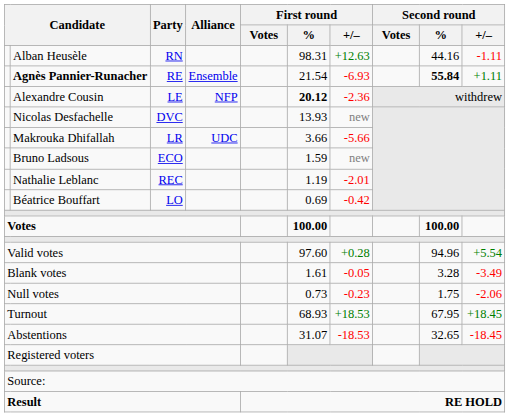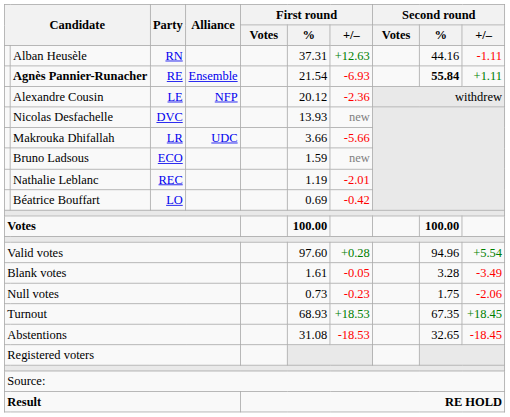 <table class="wikitable" style="text-align:right;font-size:95%;">
 <tr>
 <th rowspan="2" colspan="2">Candidate</th>
 <th colspan="1" rowspan="2">Party</th>
 <th colspan="1" rowspan="2">Alliance</th>
 <th colspan="3">First round</th>
 <th colspan="3">Second round</th>
 </tr>
 <tr>
 <th style="width:50px;">Votes</th>
 <th style="width:45px;">%</th>
 <th style="width:45px;">+/–</th>
 <th style="width:50px;">Votes</th>
 <th style="width:45px;">%</th>
 <th style="width:45px;">+/–</th>
 </tr>
 <tr>
 <td style="background:"></td>
 <td style="text-align:left;">Alban Heusèle</td>
 <td><a href='#'>RN</a></td>
 <td></td>
 <td></td>
-<td>98.31</td>
+<td>37.31</td>
 <td style="color:green;">+12.63</td>
 <td></td>
 <td>44.16</td>
 <td style="color:red;">-1.11</td>
 </tr>
 <tr>
 <td style="background:"></td>
 <td style="text-align:left;"><strong>Agnès Pannier-Runacher</strong></td>
 <td><a href='#'>RE</a></td>
 <td><a href='#'>Ensemble</a></td>
 <td></td>
 <td>21.54</td>
 <td style="color:red;">-6.93</td>
 <td><strong></strong></td>
 <td><strong>55.84</strong></td>
 <td style="color:green;">+1.11</td>
 </tr>
 <tr>
 <td style="background:"></td>
 <td style="text-align:left;">Alexandre Cousin</td>
 <td><a href='#'>LE</a></td>
 <td><a href='#'>NFP</a></td>
 <td></td>
-<td><strong>20.12</strong></td>
+<td>20.12</td>
 <td style="color:red;">-2.36</td>
 <td colspan="3" style="background:#E9E9E9;">withdrew</td>
 </tr>
 <tr>
 <td style="background:"></td>
 <td style="text-align:left;">Nicolas Desfachelle</td>
 <td><a href='#'>DVC</a></td>
 <td></td>
 <td></td>
 <td>13.93</td>
 <td style="color:grey;">new</td>
 <td colspan="3" rowspan="5" style="background:#E9E9E9;"></td>
 </tr>
 <tr>
 <td style="background:"></td>
 <td style="text-align:left;">Makrouka Dhifallah</td>
 <td><a href='#'>LR</a></td>
 <td><a href='#'>UDC</a></td>
 <td></td>
 <td>3.66</td>
 <td style="color:red;">-5.66</td>
 </tr>
 <tr>
 <td style="background:"></td>
 <td style="text-align:left;">Bruno Ladsous</td>
 <td><a href='#'>ECO</a></td>
 <td></td>
 <td></td>
 <td>1.59</td>
 <td style="color:grey;">new</td>
 </tr>
 <tr>
 <td style="background:"></td>
 <td style="text-align:left;">Nathalie Leblanc</td>
 <td><a href='#'>REC</a></td>
 <td></td>
 <td></td>
 <td>1.19</td>
 <td style="color:red;">-2.01</td>
 </tr>
 <tr>
 <td style="background:"></td>
 <td style="text-align:left;">Béatrice Bouffart</td>
 <td><a href='#'>LO</a></td>
 <td></td>
 <td></td>
 <td>0.69</td>
 <td style="color:red;">-0.42</td>
 </tr>
 <tr>
 <td colspan="10" style="background:#E9E9E9;"></td>
 </tr>
 <tr style="font-weight:bold;">
 <td colspan="4" style="text-align:left;">Votes</td>
 <td></td>
 <td>100.00</td>
 <td></td>
 <td></td>
 <td>100.00</td>
 <td></td>
 </tr>
 <tr>
 <td colspan="10" style="background:#E9E9E9;"></td>
 </tr>
 <tr>
 <td colspan="4" style="text-align:left;">Valid votes</td>
 <td></td>
 <td>97.60</td>
 <td style="color:green;">+0.28</td>
 <td></td>
 <td>94.96</td>
 <td style="color:green;">+5.54</td>
 </tr>
 <tr>
 <td colspan="4" style="text-align:left;">Blank votes</td>
 <td></td>
 <td>1.61</td>
 <td style="color:red;">-0.05</td>
 <td></td>
 <td>3.28</td>
 <td style="color:red;">-3.49</td>
 </tr>
 <tr>
 <td colspan="4" style="text-align:left;">Null votes</td>
 <td></td>
 <td>0.73</td>
 <td style="color:red;">-0.23</td>
 <td></td>
 <td>1.75</td>
 <td style="color:red;">-2.06</td>
 </tr>
 <tr>
 <td colspan="4" style="text-align:left;">Turnout</td>
 <td></td>
 <td>68.93</td>
 <td style="color:green;">+18.53</td>
 <td></td>
-<td>67.95</td>
+<td>67.35</td>
 <td style="color:green;">+18.45</td>
 </tr>
 <tr>
 <td colspan="4" style="text-align:left;">Abstentions</td>
 <td></td>
-<td>31.07</td>
+<td>31.08</td>
 <td style="color:red;">-18.53</td>
 <td></td>
 <td>32.65</td>
 <td style="color:red;">-18.45</td>
 </tr>
 <tr>
 <td colspan="4" style="text-align:left;">Registered voters</td>
 <td></td>
 <td colspan="2" style="background:#E9E9E9;"></td>
 <td></td>
 <td colspan="2" style="background:#E9E9E9;"></td>
 </tr>
 <tr>
 <td colspan="10" style="background:#E9E9E9;"></td>
 </tr>
 <tr>
 <td colspan="10" style="text-align:left;">Source: </td>
 </tr>
 <tr style="font-weight:bold">
 <td colspan="4" style="text-align:left;">Result</td>
 <td colspan="6" style="background-color:">RE HOLD</td>
 </tr>
 </table>
